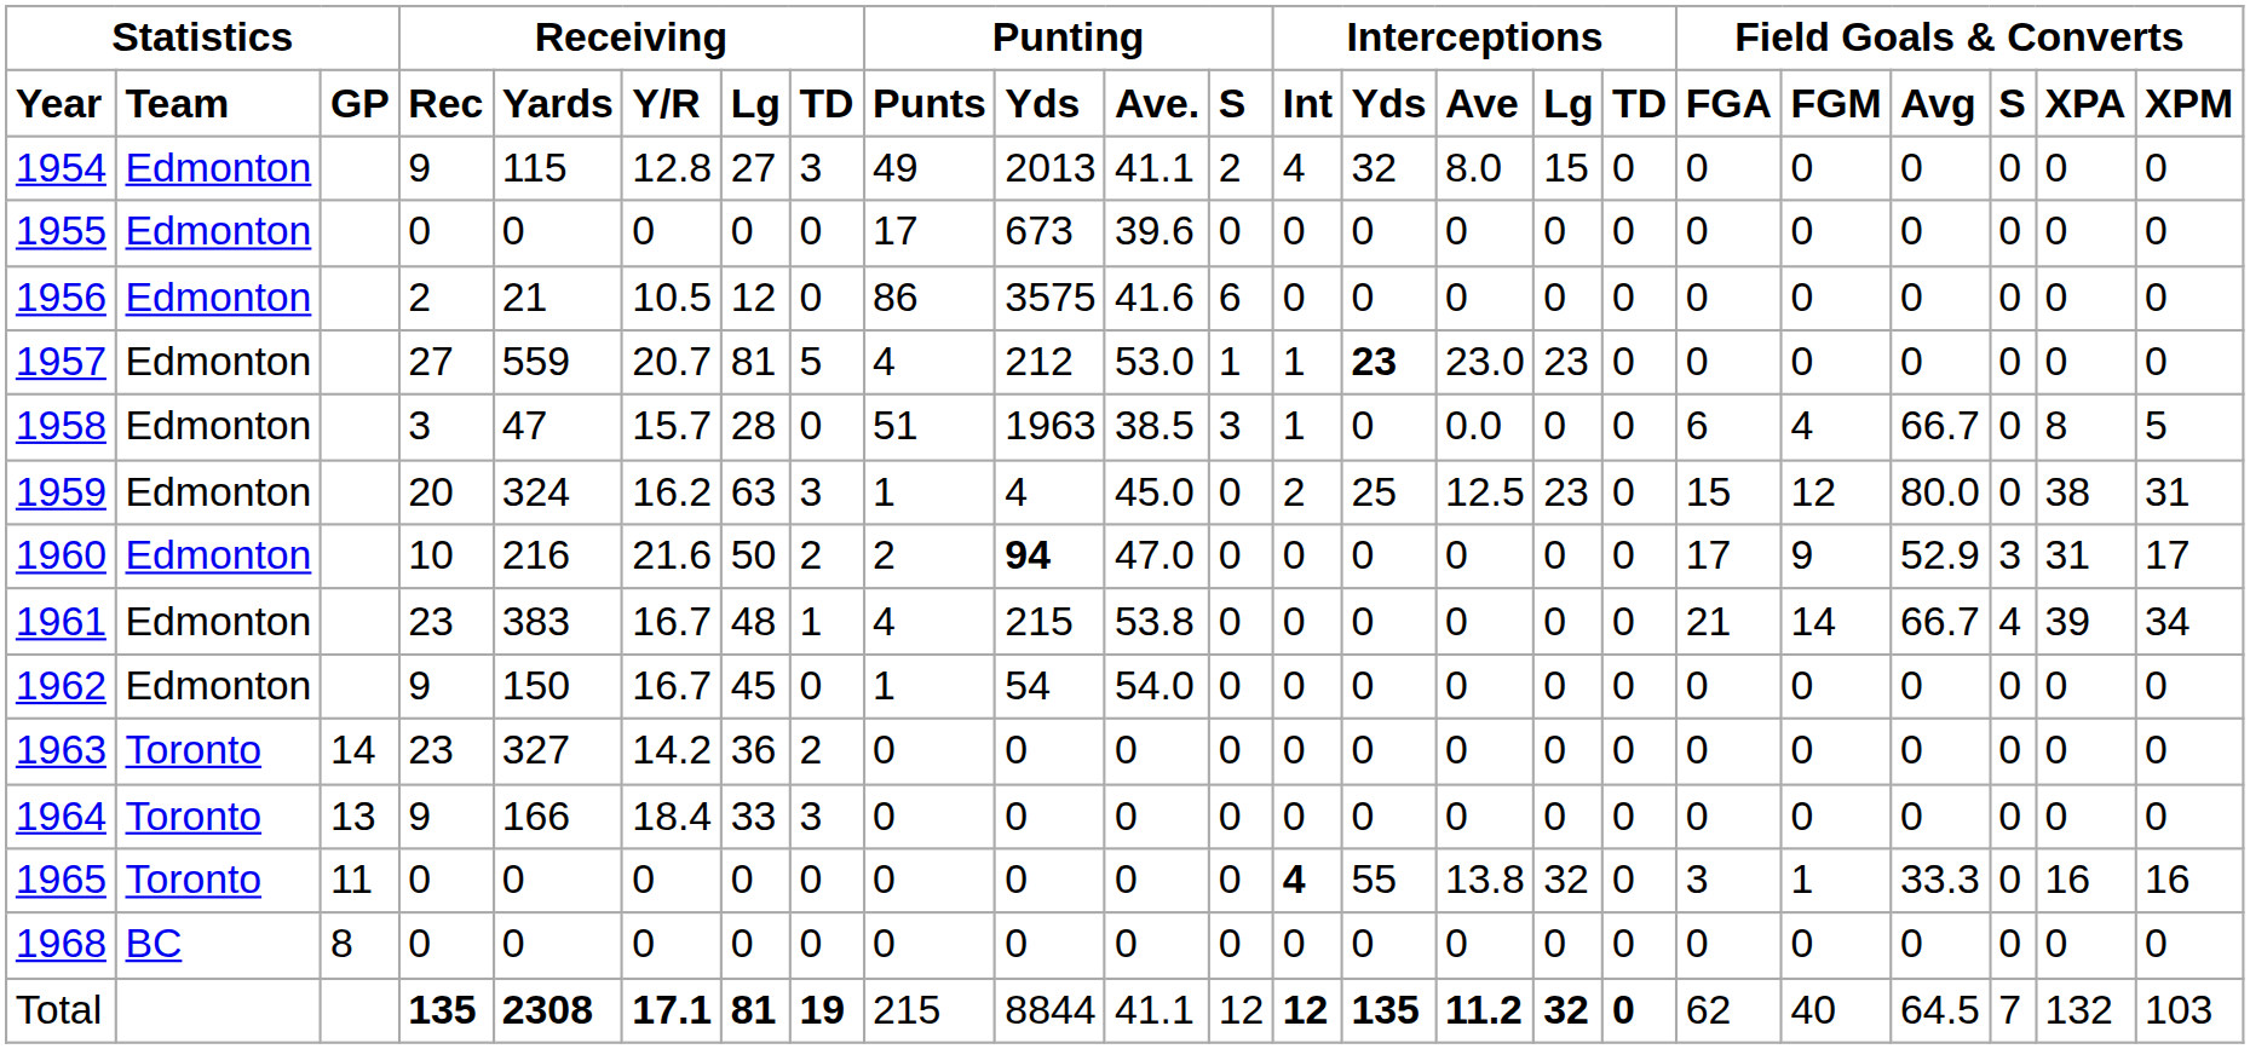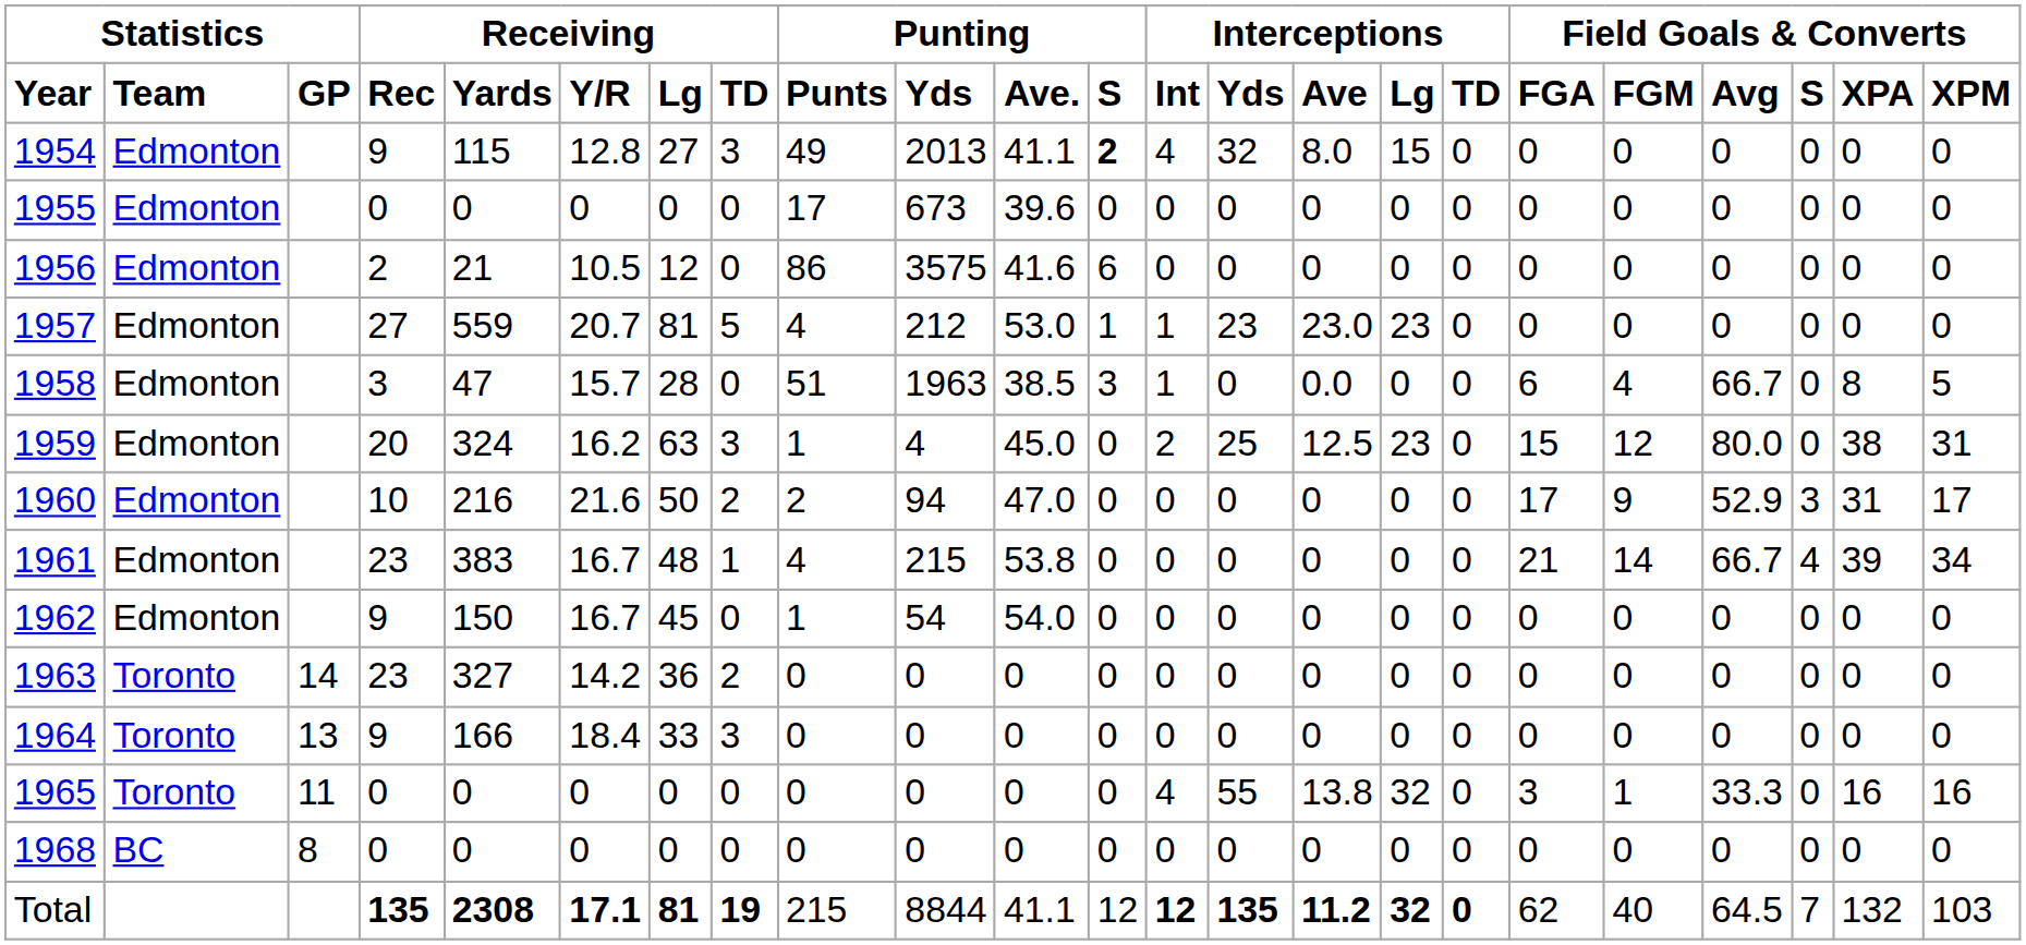 <table class="wikitable" style="background: #FFFFFF;">
 <tr>
 <td colspan=3 align="center"><strong>Statistics</strong></td>
 <td colspan=5 align="center"><strong>Receiving</strong></td>
 <td colspan=4 align="center"><strong>Punting</strong></td>
 <td colspan=5 align="center"><strong>Interceptions</strong></td>
 <td colspan=6 align="center"><strong>Field Goals & Converts</strong></td>
 </tr>
 <tr>
 <td><strong>Year</strong></td>
 <td><strong>Team</strong></td>
 <td><strong>GP</strong></td>
 <td><strong>Rec</strong></td>
 <td><strong>Yards</strong></td>
 <td><strong>Y/R</strong></td>
 <td><strong>Lg</strong></td>
 <td><strong>TD</strong></td>
 <td><strong>Punts</strong></td>
 <td><strong>Yds</strong></td>
 <td><strong>Ave.</strong></td>
 <td><strong>S</strong></td>
 <td><strong>Int</strong></td>
 <td><strong>Yds</strong></td>
 <td><strong>Ave</strong></td>
 <td><strong>Lg</strong></td>
 <td><strong>TD</strong></td>
 <td><strong>FGA</strong></td>
 <td><strong>FGM</strong></td>
 <td><strong>Avg</strong></td>
 <td><strong>S</strong></td>
 <td><strong>XPA</strong></td>
 <td><strong>XPM</strong></td>
 </tr>
 <tr>
 <td><a href='#'>1954</a></td>
 <td><a href='#'>Edmonton</a></td>
 <td></td>
 <td>9</td>
 <td>115</td>
 <td>12.8</td>
 <td>27</td>
 <td>3</td>
 <td>49</td>
 <td>2013</td>
 <td>41.1</td>
-<td>2</td>
+<td><strong>2</strong></td>
 <td>4</td>
 <td>32</td>
 <td>8.0</td>
 <td>15</td>
 <td>0</td>
 <td>0</td>
 <td>0</td>
 <td>0</td>
 <td>0</td>
 <td>0</td>
 <td>0</td>
 </tr>
 <tr>
 <td><a href='#'>1955</a></td>
 <td><a href='#'>Edmonton</a></td>
 <td></td>
 <td>0</td>
 <td>0</td>
 <td>0</td>
 <td>0</td>
 <td>0</td>
 <td>17</td>
 <td>673</td>
 <td>39.6</td>
 <td>0</td>
 <td>0</td>
 <td>0</td>
 <td>0</td>
 <td>0</td>
 <td>0</td>
 <td>0</td>
 <td>0</td>
 <td>0</td>
 <td>0</td>
 <td>0</td>
 <td>0</td>
 </tr>
 <tr>
 <td><a href='#'>1956</a></td>
 <td><a href='#'>Edmonton</a></td>
 <td></td>
 <td>2</td>
 <td>21</td>
 <td>10.5</td>
 <td>12</td>
 <td>0</td>
 <td>86</td>
 <td>3575</td>
 <td>41.6</td>
 <td>6</td>
 <td>0</td>
 <td>0</td>
 <td>0</td>
 <td>0</td>
 <td>0</td>
 <td>0</td>
 <td>0</td>
 <td>0</td>
 <td>0</td>
 <td>0</td>
 <td>0</td>
 </tr>
 <tr>
 <td><a href='#'>1957</a></td>
 <td>Edmonton</td>
 <td></td>
 <td>27</td>
 <td>559</td>
 <td>20.7</td>
 <td>81</td>
 <td>5</td>
 <td>4</td>
 <td>212</td>
 <td>53.0</td>
 <td>1</td>
 <td>1</td>
-<td><strong>23</strong></td>
+<td>23</td>
 <td>23.0</td>
 <td>23</td>
 <td>0</td>
 <td>0</td>
 <td>0</td>
 <td>0</td>
 <td>0</td>
 <td>0</td>
 <td>0</td>
 </tr>
 <tr>
 <td><a href='#'>1958</a></td>
 <td>Edmonton</td>
 <td></td>
 <td>3</td>
 <td>47</td>
 <td>15.7</td>
 <td>28</td>
 <td>0</td>
 <td>51</td>
 <td>1963</td>
 <td>38.5</td>
 <td>3</td>
 <td>1</td>
 <td>0</td>
 <td>0.0</td>
 <td>0</td>
 <td>0</td>
 <td>6</td>
 <td>4</td>
 <td>66.7</td>
 <td>0</td>
 <td>8</td>
 <td>5</td>
 </tr>
 <tr>
 <td><a href='#'>1959</a></td>
 <td>Edmonton</td>
 <td></td>
 <td>20</td>
 <td>324</td>
 <td>16.2</td>
 <td>63</td>
 <td>3</td>
 <td>1</td>
 <td>4</td>
 <td>45.0</td>
 <td>0</td>
 <td>2</td>
 <td>25</td>
 <td>12.5</td>
 <td>23</td>
 <td>0</td>
 <td>15</td>
 <td>12</td>
 <td>80.0</td>
 <td>0</td>
 <td>38</td>
 <td>31</td>
 </tr>
 <tr>
 <td><a href='#'>1960</a></td>
 <td><a href='#'>Edmonton</a></td>
 <td></td>
 <td>10</td>
 <td>216</td>
 <td>21.6</td>
 <td>50</td>
 <td>2</td>
 <td>2</td>
-<td><strong>94</strong></td>
+<td>94</td>
 <td>47.0</td>
 <td>0</td>
 <td>0</td>
 <td>0</td>
 <td>0</td>
 <td>0</td>
 <td>0</td>
 <td>17</td>
 <td>9</td>
 <td>52.9</td>
 <td>3</td>
 <td>31</td>
 <td>17</td>
 </tr>
 <tr>
 <td><a href='#'>1961</a></td>
 <td>Edmonton</td>
 <td></td>
 <td>23</td>
 <td>383</td>
 <td>16.7</td>
 <td>48</td>
 <td>1</td>
 <td>4</td>
 <td>215</td>
 <td>53.8</td>
 <td>0</td>
 <td>0</td>
 <td>0</td>
 <td>0</td>
 <td>0</td>
 <td>0</td>
 <td>21</td>
 <td>14</td>
 <td>66.7</td>
 <td>4</td>
 <td>39</td>
 <td>34</td>
 </tr>
 <tr>
 <td><a href='#'>1962</a></td>
 <td>Edmonton</td>
 <td></td>
 <td>9</td>
 <td>150</td>
 <td>16.7</td>
 <td>45</td>
 <td>0</td>
 <td>1</td>
 <td>54</td>
 <td>54.0</td>
 <td>0</td>
 <td>0</td>
 <td>0</td>
 <td>0</td>
 <td>0</td>
 <td>0</td>
 <td>0</td>
 <td>0</td>
 <td>0</td>
 <td>0</td>
 <td>0</td>
 <td>0</td>
 </tr>
 <tr>
 <td><a href='#'>1963</a></td>
 <td><a href='#'>Toronto</a></td>
 <td>14</td>
 <td>23</td>
 <td>327</td>
 <td>14.2</td>
 <td>36</td>
 <td>2</td>
 <td>0</td>
 <td>0</td>
 <td>0</td>
 <td>0</td>
 <td>0</td>
 <td>0</td>
 <td>0</td>
 <td>0</td>
 <td>0</td>
 <td>0</td>
 <td>0</td>
 <td>0</td>
 <td>0</td>
 <td>0</td>
 <td>0</td>
 </tr>
 <tr>
 <td><a href='#'>1964</a></td>
 <td><a href='#'>Toronto</a></td>
 <td>13</td>
 <td>9</td>
 <td>166</td>
 <td>18.4</td>
 <td>33</td>
 <td>3</td>
 <td>0</td>
 <td>0</td>
 <td>0</td>
 <td>0</td>
 <td>0</td>
 <td>0</td>
 <td>0</td>
 <td>0</td>
 <td>0</td>
 <td>0</td>
 <td>0</td>
 <td>0</td>
 <td>0</td>
 <td>0</td>
 <td>0</td>
 </tr>
 <tr>
 <td><a href='#'>1965</a></td>
 <td><a href='#'>Toronto</a></td>
 <td>11</td>
 <td>0</td>
 <td>0</td>
 <td>0</td>
 <td>0</td>
 <td>0</td>
 <td>0</td>
 <td>0</td>
 <td>0</td>
 <td>0</td>
-<td><strong>4</strong></td>
+<td>4</td>
 <td>55</td>
 <td>13.8</td>
 <td>32</td>
 <td>0</td>
 <td>3</td>
 <td>1</td>
 <td>33.3</td>
 <td>0</td>
 <td>16</td>
 <td>16</td>
 </tr>
 <tr>
 <td><a href='#'>1968</a></td>
 <td><a href='#'>BC</a></td>
 <td>8</td>
 <td>0</td>
 <td>0</td>
 <td>0</td>
 <td>0</td>
 <td>0</td>
 <td>0</td>
 <td>0</td>
 <td>0</td>
 <td>0</td>
 <td>0</td>
 <td>0</td>
 <td>0</td>
 <td>0</td>
 <td>0</td>
 <td>0</td>
 <td>0</td>
 <td>0</td>
 <td>0</td>
 <td>0</td>
 <td>0</td>
 </tr>
 <tr>
 <td>Total</td>
 <td></td>
 <td></td>
 <td><strong>135</strong></td>
 <td><strong>2308</strong></td>
 <td><strong>17.1</strong></td>
 <td><strong>81</strong></td>
 <td><strong>19</strong></td>
 <td>215</td>
 <td>8844</td>
 <td>41.1</td>
 <td>12</td>
 <td><strong>12</strong></td>
 <td><strong>135</strong></td>
 <td><strong>11.2</strong></td>
 <td><strong>32</strong></td>
 <td><strong>0</strong></td>
 <td>62</td>
 <td>40</td>
 <td>64.5</td>
 <td>7</td>
 <td>132</td>
 <td>103</td>
 </tr>
 </table>
